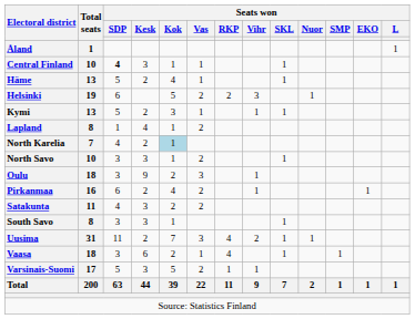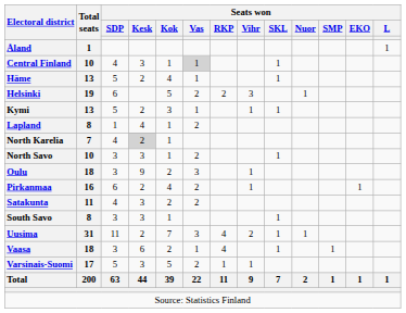 <table class="wikitable" style="text-align:center; font-size: 0.9em;">
 <tr>
 <th rowspan="3"><a href='#'>Electoral district</a></th>
 <th rowspan="3">Total<br>seats</th>
 <th colspan="11">Seats won</th>
 </tr>
 <tr>
 <th class="unsortable" style="width:35px;"><a href='#'>SDP</a></th>
 <th class="unsortable" style="width:35px;"><a href='#'>Kesk</a></th>
 <th class="unsortable" style="width:35px;"><a href='#'>Kok</a></th>
 <th class="unsortable" style="width:35px;"><a href='#'>Vas</a></th>
 <th class="unsortable" style="width:35px;"><a href='#'>RKP</a></th>
 <th class="unsortable" style="width:35px;"><a href='#'>Vihr</a></th>
 <th class="unsortable" style="width:35px;"><a href='#'>SKL</a></th>
 <th class="unsortable" style="width:35px;"><a href='#'>Nuor</a></th>
 <th class="unsortable" style="width:35px;"><a href='#'>SMP</a></th>
 <th class="unsortable" style="width:35px;"><a href='#'>EKO</a></th>
 <th class="unsortable" style="width:35px;"><a href='#'>L</a></th>
 </tr>
 <tr>
 <th style="background:"></th>
 <th style="background:"></th>
 <th style="background:"></th>
 <th style="background:"></th>
 <th style="background:"></th>
 <th style="background:"></th>
 <th style="background:"></th>
 <th style="background:"></th>
 <th style="background:"></th>
 <th style="background:"></th>
 <th style="background:"></th>
 </tr>
 <tr>
 <th style="text-align: left;"><a href='#'>Åland</a></th>
 <th>1</th>
 <td></td>
 <td></td>
 <td></td>
 <td></td>
 <td></td>
 <td></td>
 <td></td>
 <td></td>
 <td></td>
 <td></td>
 <td>1</td>
 </tr>
 <tr>
 <th style="text-align: left;"><a href='#'>Central Finland</a></th>
 <th>10</th>
-<td><strong>4</strong></td>
+<td>4</td>
 <td>3</td>
 <td>1</td>
-<td>1</td>
+<td style="background: lightgrey;">1</td>
 <td></td>
 <td></td>
 <td>1</td>
 <td></td>
 <td></td>
 <td></td>
 <td></td>
 </tr>
 <tr>
 <th style="text-align: left;"><a href='#'>Häme</a></th>
 <th>13</th>
 <td>5</td>
 <td>2</td>
 <td>4</td>
 <td>1</td>
 <td></td>
 <td></td>
 <td>1</td>
 <td></td>
 <td></td>
 <td></td>
 <td></td>
 </tr>
 <tr>
 <th style="text-align: left;"><a href='#'>Helsinki</a></th>
 <th>19</th>
 <td>6</td>
 <td></td>
 <td>5</td>
 <td>2</td>
 <td>2</td>
 <td>3</td>
 <td></td>
 <td>1</td>
 <td></td>
 <td></td>
 <td></td>
 </tr>
 <tr>
 <th style="text-align: left;">Kymi</th>
 <th>13</th>
 <td>5</td>
 <td>2</td>
 <td>3</td>
 <td>1</td>
 <td></td>
 <td>1</td>
 <td>1</td>
 <td></td>
 <td></td>
 <td></td>
 <td></td>
 </tr>
 <tr>
 <th style="text-align: left;"><a href='#'>Lapland</a></th>
 <th>8</th>
 <td>1</td>
 <td>4</td>
 <td>1</td>
 <td>2</td>
 <td></td>
 <td></td>
 <td></td>
 <td></td>
 <td></td>
 <td></td>
 <td></td>
 </tr>
 <tr>
 <th style="text-align: left;">North Karelia</th>
 <th>7</th>
 <td>4</td>
-<td>2</td>
-<td style="background: lightblue;">1</td>
+<td style="background: lightgrey;">2</td>
+<td>1</td>
 <td></td>
 <td></td>
 <td></td>
 <td></td>
 <td></td>
 <td></td>
 <td></td>
 <td></td>
 </tr>
 <tr>
 <th style="text-align: left;">North Savo</th>
 <th>10</th>
 <td>3</td>
 <td>3</td>
 <td>1</td>
 <td>2</td>
 <td></td>
 <td></td>
 <td>1</td>
 <td></td>
 <td></td>
 <td></td>
 <td></td>
 </tr>
 <tr>
 <th style="text-align: left;"><a href='#'>Oulu</a></th>
 <th>18</th>
 <td>3</td>
 <td>9</td>
 <td>2</td>
 <td>3</td>
 <td></td>
 <td>1</td>
 <td></td>
 <td></td>
 <td></td>
 <td></td>
 <td></td>
 </tr>
 <tr>
 <th style="text-align: left;"><a href='#'>Pirkanmaa</a></th>
 <th>16</th>
 <td>6</td>
 <td>2</td>
 <td>4</td>
 <td>2</td>
 <td></td>
 <td>1</td>
 <td></td>
 <td></td>
 <td></td>
 <td>1</td>
 <td></td>
 </tr>
 <tr>
 <th style="text-align: left;"><a href='#'>Satakunta</a></th>
 <th>11</th>
 <td>4</td>
 <td>3</td>
 <td>2</td>
 <td>2</td>
 <td></td>
 <td></td>
 <td></td>
 <td></td>
 <td></td>
 <td></td>
 <td></td>
 </tr>
 <tr>
 <th style="text-align: left;">South Savo</th>
 <th>8</th>
 <td>3</td>
 <td>3</td>
 <td>1</td>
 <td></td>
 <td></td>
 <td></td>
 <td>1</td>
 <td></td>
 <td></td>
 <td></td>
 <td></td>
 </tr>
 <tr>
 <th style="text-align: left;"><a href='#'>Uusima</a></th>
 <th>31</th>
 <td>11</td>
 <td>2</td>
 <td>7</td>
 <td>3</td>
 <td>4</td>
 <td>2</td>
 <td>1</td>
 <td>1</td>
 <td></td>
 <td></td>
 <td></td>
 </tr>
 <tr>
 <th style="text-align: left;"><a href='#'>Vaasa</a></th>
 <th>18</th>
 <td>3</td>
 <td>6</td>
 <td>2</td>
 <td>1</td>
 <td>4</td>
 <td></td>
 <td>1</td>
 <td></td>
 <td>1</td>
 <td></td>
 <td></td>
 </tr>
 <tr>
 <th style="text-align: left;"><a href='#'>Varsinais-Suomi</a></th>
 <th>17</th>
 <td>5</td>
 <td>3</td>
 <td>5</td>
 <td>2</td>
 <td>1</td>
 <td>1</td>
 <td></td>
 <td></td>
 <td></td>
 <td></td>
 <td></td>
 </tr>
 <tr class="sortbottom">
 <th style="text-align: left;">Total</th>
 <th>200</th>
 <th>63</th>
 <th>44</th>
 <th>39</th>
 <th>22</th>
 <th>11</th>
 <th>9</th>
 <th>7</th>
 <th>2</th>
 <th>1</th>
 <th>1</th>
 <th>1</th>
 </tr>
 <tr>
 <th colspan="13"></th>
 </tr>
 <tr>
 <td colspan="13">Source: Statistics Finland</td>
 </tr>
 </table>
